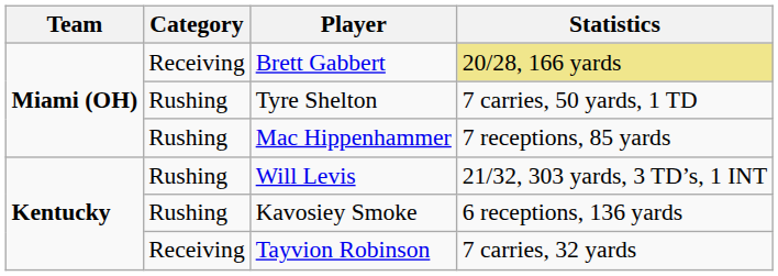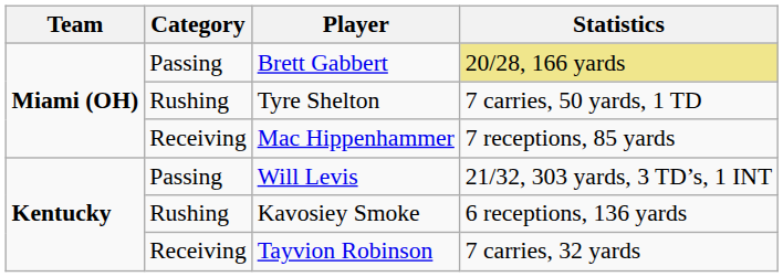 <table class="wikitable" style="float: right;">
 <tr>
 <th>Team</th>
 <th>Category</th>
 <th>Player</th>
 <th>Statistics</th>
 </tr>
 <tr>
 <td rowspan=3><strong>Miami (OH)</strong></td>
-<td>Receiving</td>
+<td>Passing</td>
 <td><a href='#'>Brett Gabbert</a></td>
 <td style="background: khaki;">20/28, 166 yards</td>
 </tr>
 <tr>
 <td>Rushing</td>
 <td>Tyre Shelton</td>
 <td>7 carries, 50 yards, 1 TD</td>
 </tr>
 <tr>
-<td>Rushing</td>
+<td>Receiving</td>
 <td><a href='#'>Mac Hippenhammer</a></td>
 <td>7 receptions, 85 yards</td>
 </tr>
 <tr>
 <td rowspan=3><strong>Kentucky</strong></td>
-<td>Rushing</td>
+<td>Passing</td>
 <td><a href='#'>Will Levis</a></td>
 <td>21/32, 303 yards, 3 TD’s, 1 INT</td>
 </tr>
 <tr>
 <td>Rushing</td>
 <td>Kavosiey Smoke</td>
 <td>6 receptions, 136 yards</td>
 </tr>
 <tr>
 <td>Receiving</td>
 <td><a href='#'>Tayvion Robinson</a></td>
 <td>7 carries, 32 yards</td>
 </tr>
 </table>
